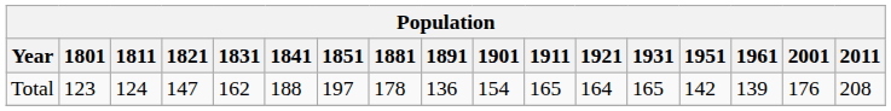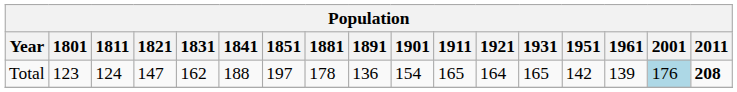 <table class="wikitable" style="margin: 1em auto 1em auto;">
 <tr>
 <th colspan="17">Population</th>
 </tr>
 <tr>
 <th>Year</th>
 <th>1801</th>
 <th>1811</th>
 <th>1821</th>
 <th>1831</th>
 <th>1841</th>
 <th>1851</th>
 <th>1881</th>
 <th>1891</th>
 <th>1901</th>
 <th>1911</th>
 <th>1921</th>
 <th>1931</th>
 <th>1951</th>
 <th>1961</th>
 <th>2001</th>
 <th>2011</th>
 </tr>
 <tr>
 <td>Total</td>
 <td>123</td>
 <td>124</td>
 <td>147</td>
 <td>162</td>
 <td>188</td>
 <td>197</td>
 <td>178</td>
 <td>136</td>
 <td>154</td>
 <td>165</td>
 <td>164</td>
 <td>165</td>
 <td>142</td>
 <td>139</td>
-<td>176</td>
-<td>208</td>
+<td style="background: lightblue;">176</td>
+<td><strong>208</strong></td>
 </tr>
 <tr>
 </tr>
 </table>
